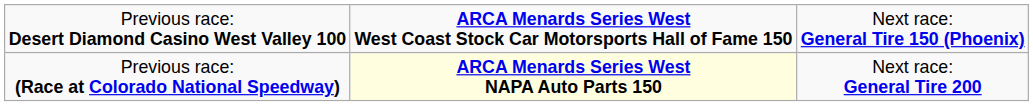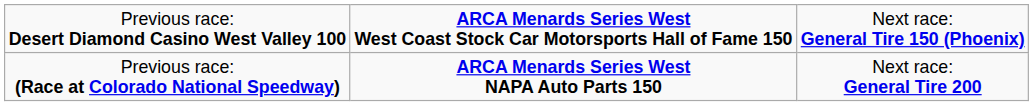 <table class="wikitable" style="font-size: 95%;">
 <tr>
 <td style="text-align:center;">Previous race: <br> <strong>Desert Diamond Casino West Valley 100</strong></td>
 <td style="text-align:center;"><strong><a href='#'>ARCA Menards Series West</a> <br> West Coast Stock Car Motorsports Hall of Fame 150</strong></td>
 <td style="text-align:center;">Next race: <br> <strong><a href='#'>General Tire 150 (Phoenix)</a></strong></td>
 </tr>
 <tr>
 <td style="text-align:center;">Previous race: <br> <strong>(Race at <a href='#'>Colorado National Speedway</a>)</strong></td>
-<td style="background: lightyellow; text-align:center;"><strong><a href='#'>ARCA Menards Series West</a> <br> NAPA Auto Parts 150</strong></td>
+<td style="text-align:center;"><strong><a href='#'>ARCA Menards Series West</a> <br> NAPA Auto Parts 150</strong></td>
 <td style="text-align:center;">Next race: <br> <strong><a href='#'>General Tire 200</a></strong></td>
 </tr>
 </table>
